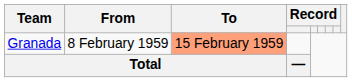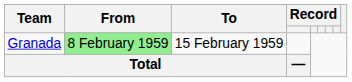 <table class=wikitable style="text-align:center">
 <tr>
 <th rowspan=2>Team</th>
 <th rowspan=2>From</th>
 <th rowspan=2>To</th>
 <th colspan=5>Record</th>
 <th rowspan=2></th>
 </tr>
 <tr>
 <th></th>
 <th></th>
 <th></th>
 <th></th>
 <th></th>
 </tr>
 <tr>
 <td align=left><a href='#'>Granada</a></td>
-<td align=left>8 February 1959</td>
-<td align=left style="background: lightsalmon;">15 February 1959<br></td>
+<td align=left style="background: lightgreen;">8 February 1959</td>
+<td align=left>15 February 1959<br></td>
 <td></td>
 </tr>
 <tr>
 <th colspan=3>Total<br></th>
 <th>—</th>
 </tr>
 </table>
